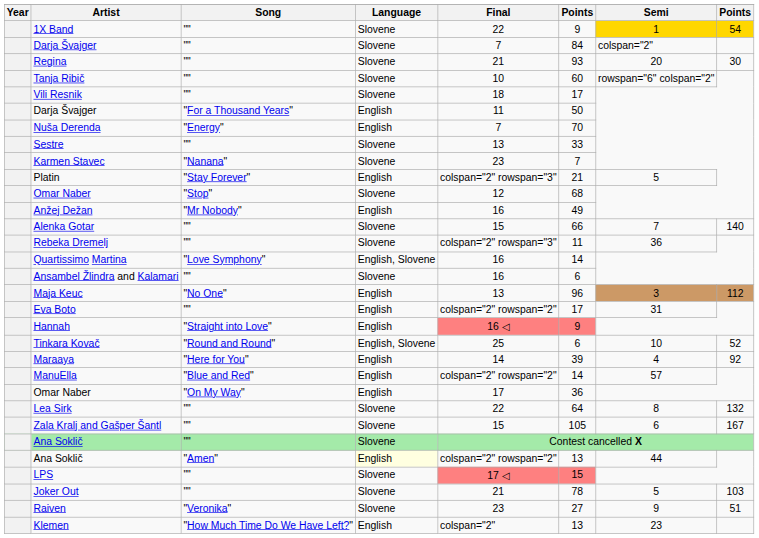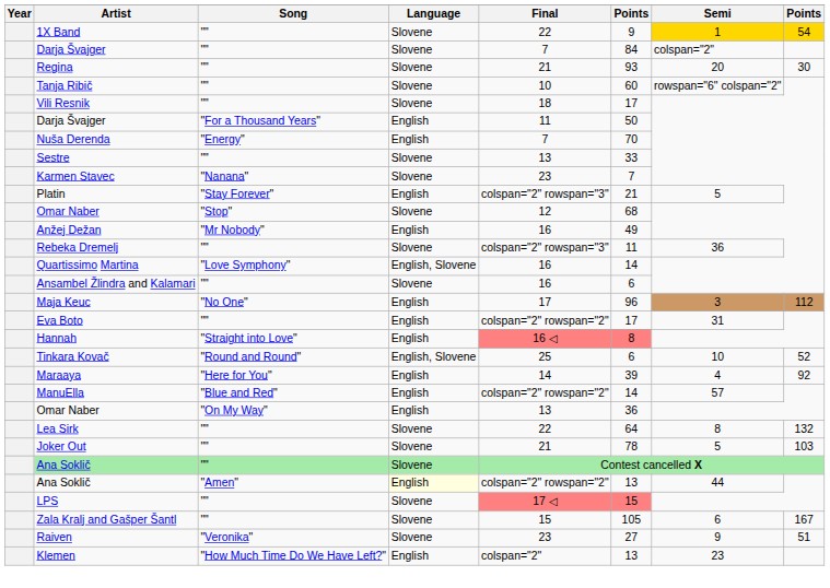 <table class="wikitable sortable plainrowheaders">
 <tr>
 </tr>
 <tr>
 <th scope="col">Year</th>
 <th scope="col">Artist</th>
 <th scope="col">Song</th>
 <th scope="col">Language</th>
 <th scope="col" data-sort-type="number">Final</th>
 <th scope="col" data-sort-type="number">Points</th>
 <th scope="col" data-sort-type="number">Semi</th>
 <th scope="col" data-sort-type="number">Points</th>
 </tr>
 <tr>
 <th scope="row" style="text-align:center;"></th>
 <td><a href='#'>1X Band</a></td>
 <td>""</td>
 <td>Slovene</td>
 <td style="text-align:center;">22</td>
 <td style="text-align:center;">9</td>
 <td style="text-align:center; background-color:#FFD700;">1</td>
 <td style="text-align:center; background-color:#FFD700;">54</td>
 </tr>
 <tr>
 <th scope="row" style="text-align:center;"></th>
 <td><a href='#'>Darja Švajger</a></td>
 <td>""</td>
 <td>Slovene</td>
 <td style="text-align:center;">7</td>
 <td style="text-align:center;">84</td>
 <td>colspan="2" </td>
 </tr>
 <tr>
 <th scope="row" style="text-align:center;"></th>
 <td><a href='#'>Regina</a></td>
 <td>""</td>
 <td>Slovene</td>
 <td style="text-align:center;">21</td>
 <td style="text-align:center;">93</td>
 <td style="text-align:center;">20</td>
 <td style="text-align:center;">30</td>
 </tr>
 <tr>
 <th scope="row" style="text-align:center;"></th>
 <td><a href='#'>Tanja Ribič</a></td>
 <td>""</td>
 <td>Slovene</td>
 <td style="text-align:center;">10</td>
 <td style="text-align:center;">60</td>
 <td>rowspan="6" colspan="2" </td>
 </tr>
 <tr>
 <th scope="row" style="text-align:center;"></th>
 <td><a href='#'>Vili Resnik</a></td>
 <td>""</td>
 <td>Slovene</td>
 <td style="text-align:center;">18</td>
 <td style="text-align:center;">17</td>
 </tr>
 <tr>
 <th scope="row" style="text-align:center;"></th>
 <td>Darja Švajger</td>
 <td>"<a href='#'>For a Thousand Years</a>"</td>
 <td>English</td>
 <td style="text-align:center;">11</td>
 <td style="text-align:center;">50</td>
 </tr>
 <tr>
 <th scope="row" style="text-align:center;"></th>
 <td><a href='#'>Nuša Derenda</a></td>
 <td>"<a href='#'>Energy</a>"</td>
 <td>English</td>
 <td style="text-align:center;">7</td>
 <td style="text-align:center;">70</td>
 </tr>
 <tr>
 <th scope="row" style="text-align:center;"></th>
 <td><a href='#'>Sestre</a></td>
 <td>""</td>
 <td>Slovene</td>
 <td style="text-align:center;">13</td>
 <td style="text-align:center;">33</td>
 </tr>
 <tr>
 <th scope="row" style="text-align:center;"></th>
 <td><a href='#'>Karmen Stavec</a></td>
 <td>"<a href='#'>Nanana</a>"</td>
 <td>Slovene</td>
 <td style="text-align:center;">23</td>
 <td style="text-align:center;">7</td>
 </tr>
 <tr>
 <th scope="row" style="text-align:center;"></th>
 <td>Platin</td>
 <td>"<a href='#'>Stay Forever</a>"</td>
 <td>English</td>
 <td>colspan="2" rowspan="3" </td>
 <td style="text-align:center;">21</td>
 <td style="text-align:center;">5</td>
 </tr>
 <tr>
 <th scope="row" style="text-align:center;"></th>
 <td><a href='#'>Omar Naber</a></td>
 <td>"<a href='#'>Stop</a>"</td>
 <td>Slovene</td>
 <td style="text-align:center;">12</td>
 <td style="text-align:center;">68</td>
 </tr>
 <tr>
 <th scope="row" style="text-align:center;"></th>
 <td><a href='#'>Anžej Dežan</a></td>
 <td>"<a href='#'>Mr Nobody</a>"</td>
 <td>English</td>
 <td style="text-align:center;">16</td>
 <td style="text-align:center;">49</td>
 </tr>
 <tr>
 <th scope="row" style="text-align:center;"></th>
-<td><a href='#'>Alenka Gotar</a></td>
-<td>""</td>
-<td>Slovene</td>
-<td style="text-align:center;">15</td>
-<td style="text-align:center;">66</td>
-<td style="text-align:center;">7</td>
-<td style="text-align:center;">140</td>
-</tr>
-<tr>
-<th scope="row" style="text-align:center;"></th>
 <td><a href='#'>Rebeka Dremelj</a></td>
 <td>""</td>
 <td>Slovene</td>
 <td>colspan="2" rowspan="3" </td>
 <td style="text-align:center;">11</td>
 <td style="text-align:center;">36</td>
 </tr>
 <tr>
 <th scope="row" style="text-align:center;"></th>
 <td><a href='#'>Quartissimo</a>  <a href='#'>Martina</a></td>
 <td>"<a href='#'>Love Symphony</a>"</td>
 <td>English, Slovene</td>
 <td style="text-align:center;">16</td>
 <td style="text-align:center;">14</td>
 </tr>
 <tr>
 <th scope="row" style="text-align:center;"></th>
 <td><a href='#'>Ansambel Žlindra</a> and <a href='#'>Kalamari</a></td>
 <td>""</td>
 <td>Slovene</td>
 <td style="text-align:center;">16</td>
 <td style="text-align:center;">6</td>
 </tr>
 <tr>
 <th scope="row" style="text-align:center;"></th>
 <td><a href='#'>Maja Keuc</a></td>
 <td>"<a href='#'>No One</a>"</td>
 <td>English</td>
-<td style="text-align:center;">13</td>
+<td style="text-align:center;">17</td>
 <td style="text-align:center;">96</td>
 <td style="text-align:center; background-color:#C96;">3</td>
 <td style="text-align:center; background-color:#C96;">112</td>
 </tr>
 <tr>
 <th scope="row" style="text-align:center;"></th>
 <td><a href='#'>Eva Boto</a></td>
 <td>""</td>
 <td>English</td>
 <td>colspan="2" rowspan="2" </td>
 <td style="text-align:center;">17</td>
 <td style="text-align:center;">31</td>
 </tr>
 <tr>
 <th scope="row" style="text-align:center;"></th>
 <td><a href='#'>Hannah</a></td>
 <td>"<a href='#'>Straight into Love</a>"</td>
 <td>English</td>
 <td style="text-align:center; background-color:#FE8080;">16 ◁</td>
-<td style="text-align:center; background-color:#FE8080;">9</td>
+<td style="text-align:center; background-color:#FE8080;">8</td>
 </tr>
 <tr>
 <th scope="row" style="text-align:center;"></th>
 <td><a href='#'>Tinkara Kovač</a></td>
 <td>"<a href='#'>Round and Round</a>"</td>
 <td>English, Slovene</td>
 <td style="text-align:center;">25</td>
 <td style="text-align:center;">6</td>
 <td style="text-align:center;">10</td>
 <td style="text-align:center;">52</td>
 </tr>
 <tr>
 <th scope="row" style="text-align:center;"></th>
 <td><a href='#'>Maraaya</a></td>
 <td>"<a href='#'>Here for You</a>"</td>
 <td>English</td>
 <td style="text-align:center;">14</td>
 <td style="text-align:center;">39</td>
 <td style="text-align:center;">4</td>
 <td style="text-align:center;">92</td>
 </tr>
 <tr>
 <th scope="row" style="text-align:center;"></th>
 <td><a href='#'>ManuElla</a></td>
 <td>"<a href='#'>Blue and Red</a>"</td>
 <td>English</td>
 <td>colspan="2" rowspan="2" </td>
 <td style="text-align:center;">14</td>
 <td style="text-align:center;">57</td>
 </tr>
 <tr>
 <th scope="row" style="text-align:center;"></th>
 <td>Omar Naber</td>
 <td>"<a href='#'>On My Way</a>"</td>
 <td>English</td>
-<td style="text-align:center;">17</td>
+<td style="text-align:center;">13</td>
 <td style="text-align:center;">36</td>
 </tr>
 <tr>
 <th scope="row" style="text-align:center;"></th>
 <td><a href='#'>Lea Sirk</a></td>
 <td>""</td>
 <td>Slovene</td>
 <td style="text-align:center;">22</td>
 <td style="text-align:center;">64</td>
 <td style="text-align:center;">8</td>
 <td style="text-align:center;">132</td>
 </tr>
 <tr>
 <th scope="row" style="text-align:center;"></th>
-<td><a href='#'>Zala Kralj and Gašper Šantl</a></td>
+<td><a href='#'>Joker Out</a></td>
 <td>""</td>
 <td>Slovene</td>
-<td style="text-align:center;">15</td>
-<td style="text-align:center;">105</td>
-<td style="text-align:center;">6</td>
-<td style="text-align:center;">167</td>
+<td style="text-align:center;">21</td>
+<td style="text-align:center;">78</td>
+<td style="text-align:center;">5</td>
+<td style="text-align:center;">103</td>
 </tr>
 <tr style="background-color:#A4EAA9;">
 <th scope="row" style="text-align:center;"></th>
 <td><a href='#'>Ana Soklič</a></td>
 <td>""</td>
 <td>Slovene</td>
 <td colspan="4" style="text-align:center;">Contest cancelled <strong>X</strong></td>
 </tr>
 <tr>
 <th scope="row" style="text-align:center;"></th>
 <td>Ana Soklič</td>
 <td>"<a href='#'>Amen</a>"</td>
 <td style="background: lightyellow;">English</td>
 <td>colspan="2" rowspan="2" </td>
 <td style="text-align:center;">13</td>
 <td style="text-align:center;">44</td>
 </tr>
 <tr>
 <th scope="row" style="text-align:center;"></th>
 <td><a href='#'>LPS</a></td>
 <td>""</td>
 <td>Slovene</td>
 <td style="text-align:center; background-color:#FE8080;">17 ◁</td>
 <td style="text-align:center; background-color:#FE8080;">15</td>
 </tr>
 <tr>
 <th scope="row" style="text-align:center;"></th>
-<td><a href='#'>Joker Out</a></td>
+<td><a href='#'>Zala Kralj and Gašper Šantl</a></td>
 <td>""</td>
 <td>Slovene</td>
-<td style="text-align:center;">21</td>
-<td style="text-align:center;">78</td>
-<td style="text-align:center;">5</td>
-<td style="text-align:center;">103</td>
+<td style="text-align:center;">15</td>
+<td style="text-align:center;">105</td>
+<td style="text-align:center;">6</td>
+<td style="text-align:center;">167</td>
 </tr>
 <tr>
 <th scope="row" style="text-align:center;"></th>
 <td><a href='#'>Raiven</a></td>
 <td>"<a href='#'>Veronika</a>"</td>
 <td>Slovene</td>
 <td style="text-align:center;">23</td>
 <td style="text-align:center;">27</td>
 <td style="text-align:center;">9</td>
 <td style="text-align:center;">51</td>
 </tr>
 <tr>
 <th scope="row" style="text-align:center;"></th>
 <td><a href='#'>Klemen</a></td>
 <td>"<a href='#'>How Much Time Do We Have Left?</a>"</td>
 <td>English</td>
 <td>colspan="2" </td>
 <td style="text-align:center;">13</td>
 <td style="text-align:center;">23</td>
 </tr>
 </table>
